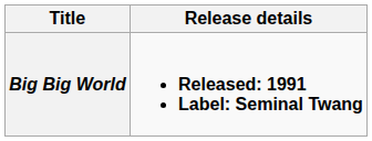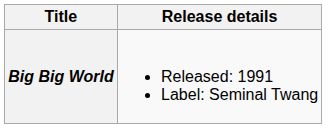 <table class="wikitable plainrowheaders">
 <tr>
 <th scope="col">Title</th>
 <th scope="col">Release details</th>
 </tr>
 <tr>
 <th scope="row"><em>Big Big World</em></th>
-<td><strong><br><ul><li>Released: 1991</li><li>Label: Seminal Twang</li></ul></strong></td>
+<td><br><ul><li>Released: 1991</li><li>Label: Seminal Twang</li></ul></td>
 </tr>
 </table>
